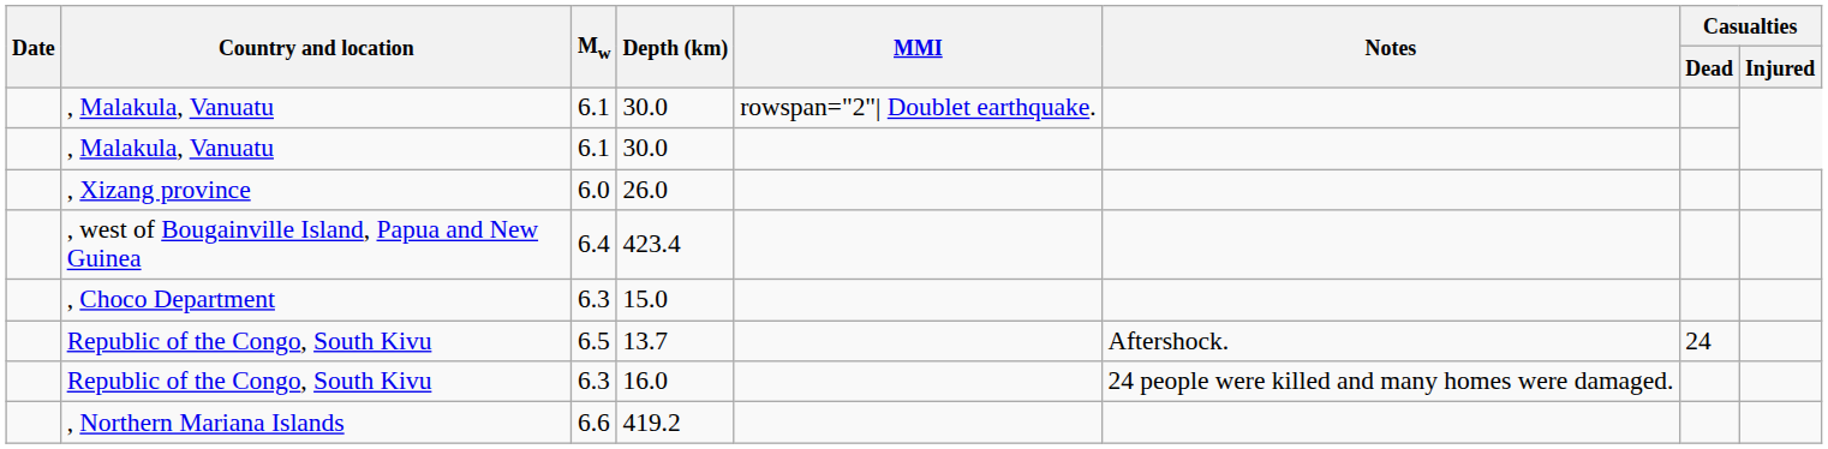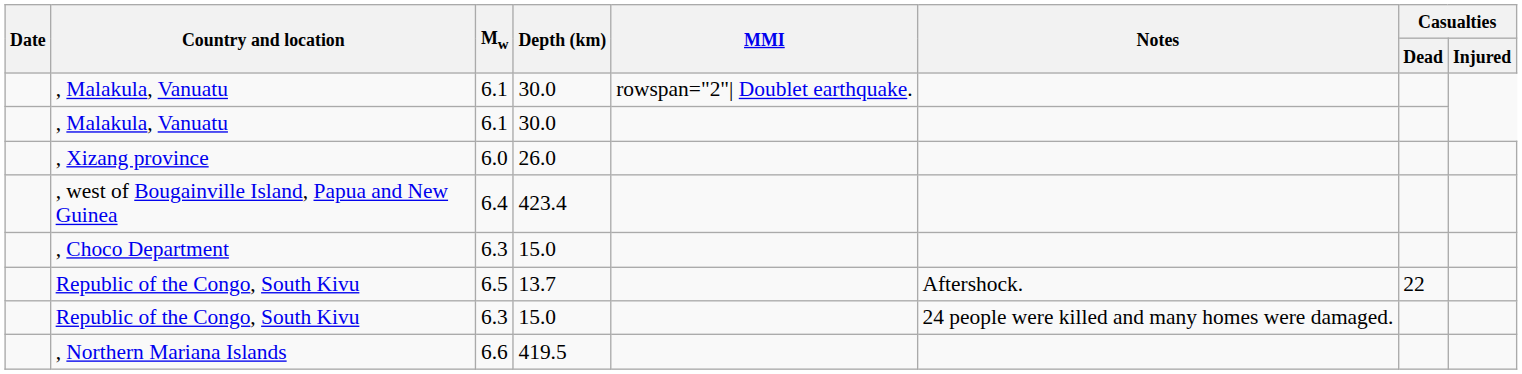 <table class="wikitable sortable sort-under" style="border:1px black; margin-left:1em;">
 <tr>
 <th rowspan="2"><small>Date</small></th>
 <th rowspan="2" style="width: 310px"><small>Country and location</small></th>
 <th rowspan="2"><small>M<sub>w</sub></small></th>
 <th rowspan="2"><small>Depth (km)</small></th>
 <th rowspan="2"><small><a href='#'>MMI</a></small></th>
 <th rowspan="2" class="unsortable"><small>Notes</small></th>
 <th colspan="2"><small>Casualties</small></th>
 </tr>
 <tr>
 <th><small>Dead</small></th>
 <th><small>Injured</small></th>
 </tr>
 <tr>
 <td></td>
 <td>, <a href='#'>Malakula</a>, <a href='#'>Vanuatu</a></td>
 <td>6.1</td>
 <td>30.0</td>
 <td>rowspan="2"| <a href='#'>Doublet earthquake</a>.</td>
 <td></td>
 <td></td>
 </tr>
 <tr>
 <td></td>
 <td>, <a href='#'>Malakula</a>, <a href='#'>Vanuatu</a></td>
 <td>6.1</td>
 <td>30.0</td>
 <td></td>
 <td></td>
 <td></td>
 </tr>
 <tr>
 <td></td>
 <td>, <a href='#'>Xizang province</a></td>
 <td>6.0</td>
 <td>26.0</td>
 <td></td>
 <td></td>
 <td></td>
 <td></td>
 </tr>
 <tr>
 <td></td>
 <td>, west of <a href='#'>Bougainville Island</a>, <a href='#'>Papua and New Guinea</a></td>
 <td>6.4</td>
 <td>423.4</td>
 <td></td>
 <td></td>
 <td></td>
 <td></td>
 </tr>
 <tr>
 <td></td>
 <td>, <a href='#'>Choco Department</a></td>
 <td>6.3</td>
 <td>15.0</td>
 <td></td>
 <td></td>
 <td></td>
 <td></td>
 </tr>
 <tr>
 <td></td>
 <td> <a href='#'>Republic of the Congo</a>, <a href='#'>South Kivu</a></td>
 <td>6.5</td>
 <td>13.7</td>
 <td></td>
 <td>Aftershock.</td>
-<td>24</td>
+<td>22</td>
 <td></td>
 </tr>
 <tr>
 <td></td>
 <td> <a href='#'>Republic of the Congo</a>, <a href='#'>South Kivu</a></td>
 <td>6.3</td>
-<td>16.0</td>
+<td>15.0</td>
 <td></td>
 <td>24 people were killed and many homes were damaged.</td>
 <td></td>
 <td></td>
 </tr>
 <tr>
 <td></td>
 <td>, <a href='#'>Northern Mariana Islands</a></td>
 <td>6.6</td>
-<td>419.2</td>
+<td>419.5</td>
 <td></td>
 <td></td>
 <td></td>
 <td></td>
 </tr>
 </table>
